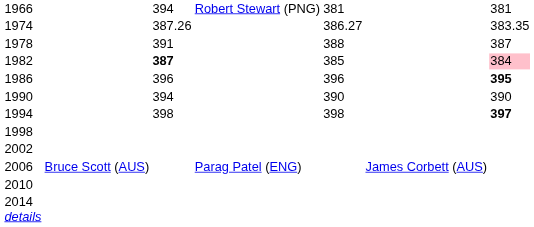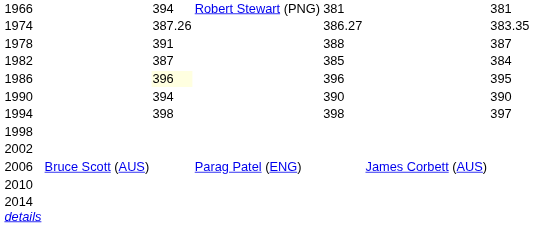 <table>
 <tr>
 <td>1966</td>
 <td></td>
 <td>394</td>
 <td> <a href='#'>Robert Stewart</a> (PNG)</td>
 <td>381</td>
 <td></td>
 <td>381</td>
 </tr>
 <tr>
 <td>1974</td>
 <td></td>
 <td>387.26</td>
 <td></td>
 <td>386.27</td>
 <td></td>
 <td>383.35</td>
 </tr>
 <tr>
 <td>1978</td>
 <td></td>
 <td>391</td>
 <td></td>
 <td>388</td>
 <td></td>
 <td>387</td>
 </tr>
 <tr>
 <td>1982</td>
 <td></td>
-<td><strong>387</strong></td>
+<td>387</td>
 <td></td>
 <td>385</td>
 <td></td>
-<td style="background: pink;">384</td>
+<td>384</td>
 </tr>
 <tr>
 <td>1986</td>
 <td></td>
-<td>396</td>
+<td style="background: lightyellow;">396</td>
 <td></td>
 <td>396</td>
 <td></td>
-<td><strong>395</strong></td>
+<td>395</td>
 </tr>
 <tr>
 <td>1990</td>
 <td></td>
 <td>394</td>
 <td></td>
 <td>390</td>
 <td></td>
 <td>390</td>
 </tr>
 <tr>
 <td>1994</td>
 <td></td>
 <td>398</td>
 <td></td>
 <td>398</td>
 <td></td>
-<td><strong>397</strong></td>
+<td>397</td>
 </tr>
 <tr>
 <td>1998</td>
 <td></td>
 <td></td>
 <td></td>
 <td></td>
 <td></td>
 <td></td>
 </tr>
 <tr>
 <td>2002</td>
 <td></td>
 <td></td>
 <td></td>
 <td></td>
 <td></td>
 <td></td>
 </tr>
 <tr>
 <td>2006</td>
 <td> <a href='#'>Bruce Scott</a> (<a href='#'>AUS</a>)</td>
 <td></td>
 <td> <a href='#'>Parag Patel</a> (<a href='#'>ENG</a>)</td>
 <td></td>
 <td> <a href='#'>James Corbett</a> (<a href='#'>AUS</a>)</td>
 <td></td>
 </tr>
 <tr>
 <td>2010</td>
 <td></td>
 <td></td>
 <td></td>
 <td></td>
 <td></td>
 <td></td>
 </tr>
 <tr>
 <td>2014<br><em><a href='#'>details</a></em></td>
 <td></td>
 <td></td>
 <td></td>
 <td></td>
 <td></td>
 <td></td>
 </tr>
 </table>
